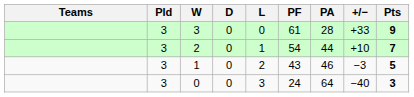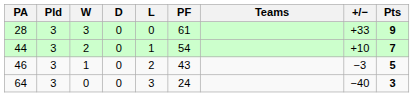 <table class="wikitable" style="text-align: center;">
 <tr>
-<th width="200">Teams</th>
+<th width="40">PA</th>
 <th width="40">Pld</th>
 <th width="40">W</th>
 <th width="40">D</th>
 <th width="40">L</th>
 <th width="40">PF</th>
-<th width="40">PA</th>
+<th width="200">Teams</th>
 <th width="40">+/−</th>
 <th width="40">Pts</th>
 </tr>
 <tr bgcolor=ccffcc>
-<td align=left></td>
+<td>28</td>
 <td>3</td>
 <td>3</td>
 <td>0</td>
 <td>0</td>
 <td>61</td>
-<td>28</td>
+<td align=left></td>
 <td>+33</td>
 <td><strong>9</strong></td>
 </tr>
 <tr bgcolor=ccffcc>
-<td align=left></td>
+<td>44</td>
 <td>3</td>
 <td>2</td>
 <td>0</td>
 <td>1</td>
 <td>54</td>
-<td>44</td>
+<td align=left></td>
 <td>+10</td>
 <td><strong>7</strong></td>
 </tr>
 <tr>
-<td align=left></td>
+<td>46</td>
 <td>3</td>
 <td>1</td>
 <td>0</td>
 <td>2</td>
 <td>43</td>
-<td>46</td>
+<td align=left></td>
 <td>−3</td>
 <td><strong>5</strong></td>
 </tr>
 <tr>
-<td align=left></td>
+<td>64</td>
 <td>3</td>
 <td>0</td>
 <td>0</td>
 <td>3</td>
 <td>24</td>
-<td>64</td>
+<td align=left></td>
 <td>−40</td>
 <td><strong>3</strong></td>
 </tr>
 </table>
